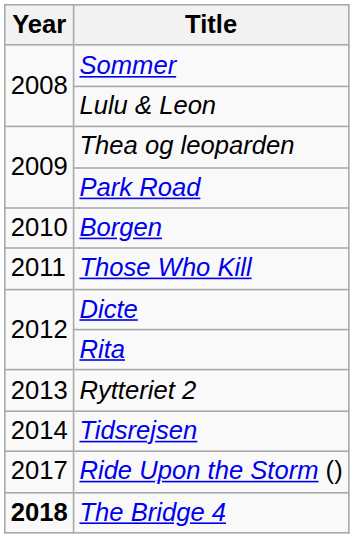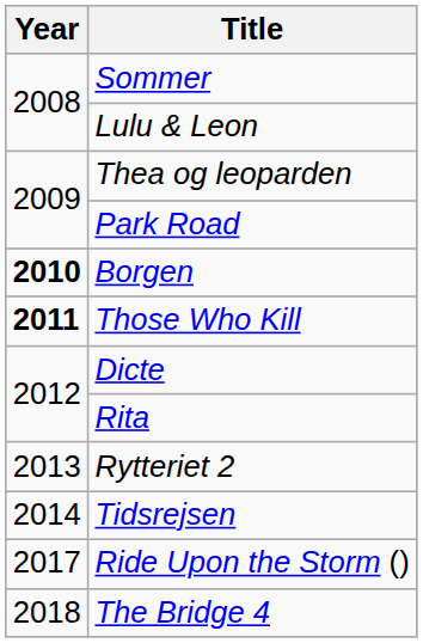 <table class="wikitable">
 <tr>
 <th>Year</th>
 <th>Title</th>
 </tr>
 <tr>
 <td rowspan="2">2008</td>
 <td><em><a href='#'>Sommer</a></em></td>
 </tr>
 <tr>
 <td><em>Lulu & Leon</em></td>
 </tr>
 <tr>
 <td rowspan="2">2009</td>
 <td><em>Thea og leoparden</em></td>
 </tr>
 <tr>
 <td><em><a href='#'>Park Road</a></em></td>
 </tr>
 <tr>
-<td>2010</td>
+<td><strong>2010</strong></td>
 <td><em><a href='#'>Borgen</a></em></td>
 </tr>
 <tr>
-<td>2011</td>
+<td><strong>2011</strong></td>
 <td><em><a href='#'>Those Who Kill</a></em></td>
 </tr>
 <tr>
 <td rowspan="2">2012</td>
 <td><em><a href='#'>Dicte</a></em></td>
 </tr>
 <tr>
 <td><em><a href='#'>Rita</a></em></td>
 </tr>
 <tr>
 <td>2013</td>
 <td><em>Rytteriet 2</em></td>
 </tr>
 <tr>
 <td>2014</td>
 <td><em><a href='#'>Tidsrejsen</a></em></td>
 </tr>
 <tr>
 <td>2017</td>
 <td><em><a href='#'>Ride Upon the Storm</a></em> ()</td>
 </tr>
 <tr>
-<td><strong>2018</strong></td>
+<td>2018</td>
 <td><em><a href='#'>The Bridge 4</a></em></td>
 </tr>
 </table>
